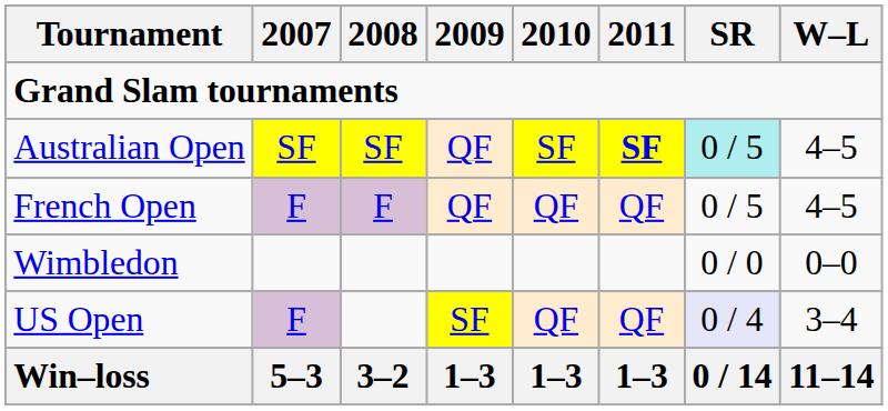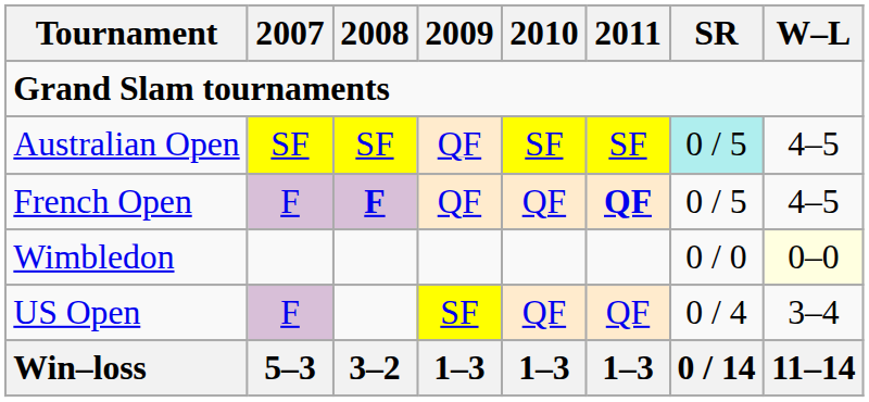 <table class="wikitable" style="text-align:center;font-size:97%">
 <tr>
 <th>Tournament</th>
 <th>2007</th>
 <th>2008</th>
 <th>2009</th>
 <th>2010</th>
 <th>2011</th>
 <th>SR</th>
 <th>W–L</th>
 </tr>
 <tr>
 <td colspan="18" style="text-align:left;"><strong>Grand Slam tournaments</strong></td>
 </tr>
 <tr>
 <td align="left"><a href='#'>Australian Open</a></td>
 <td style="background:yellow;"><a href='#'>SF</a></td>
 <td style="background:yellow;"><a href='#'>SF</a></td>
 <td bgcolor="ffebcd"><a href='#'>QF</a></td>
 <td style="background:yellow;"><a href='#'>SF</a></td>
-<td style="background:yellow;"><strong><a href='#'>SF</a></strong></td>
+<td style="background:yellow;"><a href='#'>SF</a></td>
 <td style="background: paleturquoise;">0 / 5</td>
 <td>4–5</td>
 </tr>
 <tr>
 <td align="left"><a href='#'>French Open</a></td>
 <td style="background:thistle;"><a href='#'>F</a></td>
-<td style="background:thistle;"><a href='#'>F</a></td>
+<td style="background:thistle;"><strong><a href='#'>F</a></strong></td>
 <td bgcolor="ffebcd"><a href='#'>QF</a></td>
 <td bgcolor="ffebcd"><a href='#'>QF</a></td>
-<td bgcolor="ffebcd"><a href='#'>QF</a></td>
+<td bgcolor="ffebcd"><strong><a href='#'>QF</a></strong></td>
 <td>0 / 5</td>
 <td>4–5</td>
 </tr>
 <tr>
 <td align="left"><a href='#'>Wimbledon</a></td>
 <td></td>
 <td></td>
 <td></td>
 <td></td>
 <td></td>
 <td>0 / 0</td>
-<td>0–0</td>
+<td style="background: lightyellow;">0–0</td>
 </tr>
 <tr>
 <td align="left"><a href='#'>US Open</a></td>
 <td style="background:thistle;"><a href='#'>F</a></td>
 <td></td>
 <td style="background:yellow;"><a href='#'>SF</a></td>
 <td bgcolor="ffebcd"><a href='#'>QF</a></td>
 <td bgcolor="ffebcd"><a href='#'>QF</a></td>
-<td style="background: lavender;">0 / 4</td>
+<td>0 / 4</td>
 <td>3–4</td>
 </tr>
 <tr>
 <th style="text-align:left">Win–loss</th>
 <th>5–3</th>
 <th>3–2</th>
 <th>1–3</th>
 <th>1–3</th>
 <th>1–3</th>
 <th>0 / 14</th>
 <th>11–14</th>
 </tr>
 </table>
